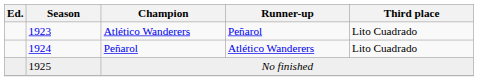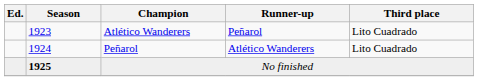 <table class="wikitable sortable">
 <tr>
 <th width=px>Ed.</th>
 <th width=100px>Season</th>
 <th width=170px>Champion</th>
 <th width=170px>Runner-up</th>
 <th width=170px>Third place</th>
 </tr>
 <tr>
 <td></td>
 <td><a href='#'>1923</a></td>
 <td><a href='#'>Atlético Wanderers</a></td>
 <td><a href='#'>Peñarol</a></td>
 <td>Lito Cuadrado</td>
 </tr>
 <tr>
 <td></td>
 <td><a href='#'>1924</a></td>
 <td><a href='#'>Peñarol</a></td>
 <td><a href='#'>Atlético Wanderers</a></td>
 <td>Lito Cuadrado</td>
 </tr>
 <tr bgcolor=#efefef>
 <td></td>
-<td>1925</td>
+<td><strong>1925</strong></td>
 <td colspan="3" style="text-align:center;"><em>No finished</em></td>
 </tr>
 <tr>
 </tr>
 </table>
